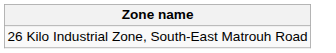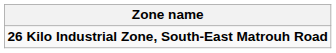 <table class="wikitable">
 <tr>
 <th>Zone name</th>
 </tr>
 <tr>
-<td rowspan="1">26 Kilo Industrial Zone, South-East Matrouh Road</td>
+<td rowspan="1"><strong>26 Kilo Industrial Zone, South-East Matrouh Road</strong></td>
 </tr>
 </table>
